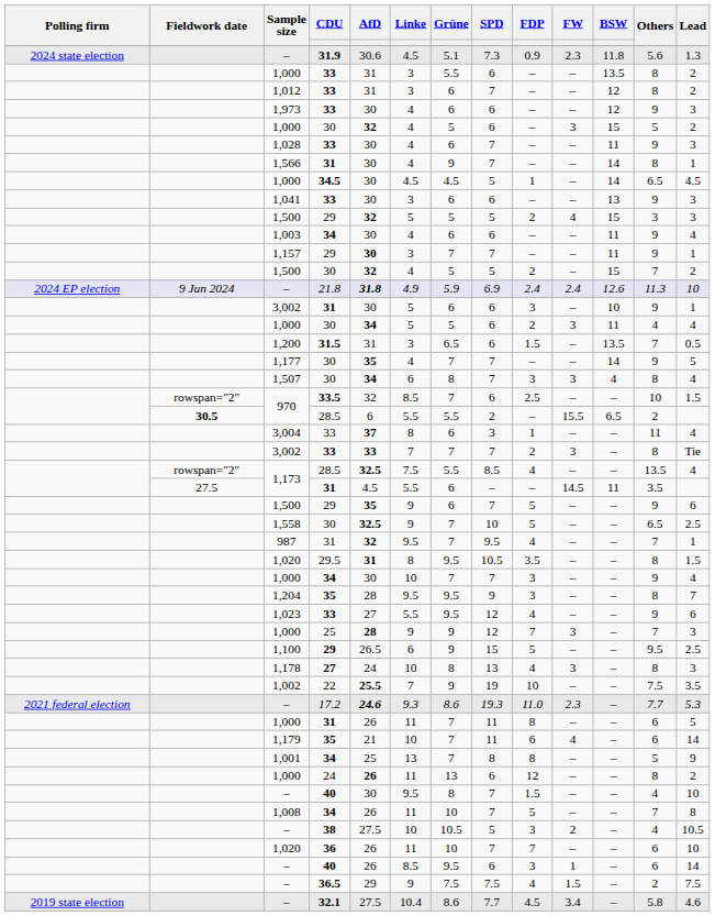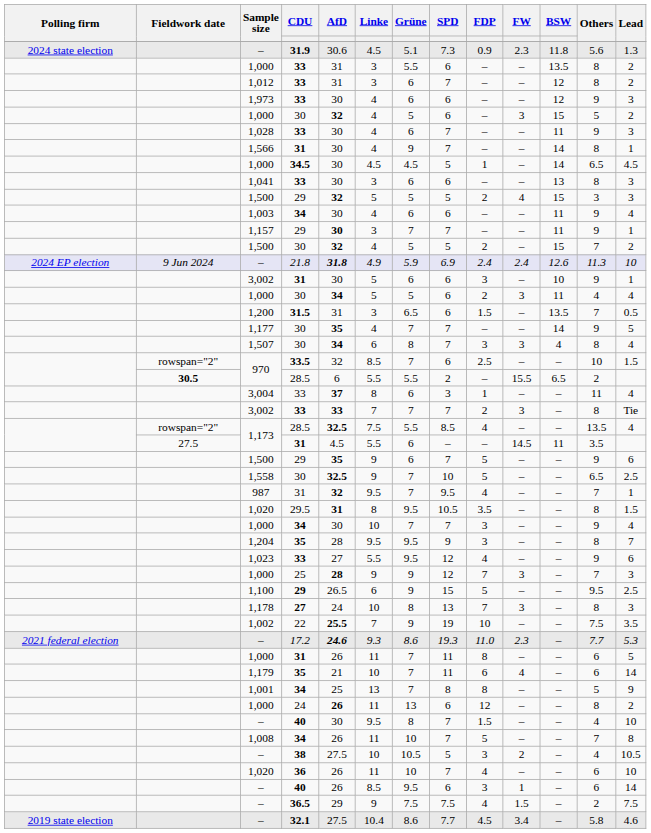 <table class="wikitable sortable" style="text-align:center;font-size:90%;line-height:14px;">
 <tr style="height:40px;">
 <th style="width:160px;" rowspan="2">Polling firm</th>
 <th style="width:125px;" rowspan="2">Fieldwork date</th>
 <th style="width:35px;" rowspan="2">Sample<br>size</th>
 <th class="unsortable" style="width:40px;"><a href='#'>CDU</a></th>
 <th class="unsortable" style="width:40px;"><a href='#'>AfD</a></th>
 <th class="unsortable" style="width:40px;"><a href='#'>Linke</a></th>
 <th class="unsortable" style="width:40px;"><a href='#'>Grüne</a></th>
 <th class="unsortable" style="width:40px;"><a href='#'>SPD</a></th>
 <th class="unsortable" style="width:40px;"><a href='#'>FDP</a></th>
 <th class="unsortable" style="width:40px;"><a href='#'>FW</a></th>
 <th class="unsortable" style="width:40px;"><a href='#'>BSW</a></th>
 <th class="unsortable" style="width:40px;" rowspan="2">Others</th>
 <th style="width:30px;" rowspan="2">Lead</th>
 </tr>
 <tr>
 <th style="background:"></th>
 <th style="background:"></th>
 <th style="background:"></th>
 <th style="background:"></th>
 <th style="background:"></th>
 <th style="background:"></th>
 <th style="background:"></th>
 <th style="background:"></th>
 </tr>
 <tr>
 </tr>
 <tr style="background:#E9E9E9;">
 <td><a href='#'>2024 state election</a></td>
 <td></td>
 <td>–</td>
 <td><strong>31.9</strong></td>
 <td>30.6</td>
 <td>4.5</td>
 <td>5.1</td>
 <td>7.3</td>
 <td>0.9</td>
 <td>2.3</td>
 <td>11.8</td>
 <td>5.6</td>
 <td style="background:">1.3</td>
 </tr>
 <tr>
 <td></td>
 <td></td>
 <td>1,000</td>
 <td><strong>33</strong></td>
 <td>31</td>
 <td>3</td>
 <td>5.5</td>
 <td>6</td>
 <td>–</td>
 <td>–</td>
 <td>13.5</td>
 <td>8</td>
 <td style="background:">2</td>
 </tr>
 <tr>
 <td></td>
 <td></td>
 <td>1,012</td>
 <td><strong>33</strong></td>
 <td>31</td>
 <td>3</td>
 <td>6</td>
 <td>7</td>
 <td>–</td>
 <td>–</td>
 <td>12</td>
 <td>8</td>
 <td style="background:">2</td>
 </tr>
 <tr>
 <td></td>
 <td></td>
 <td>1,973</td>
 <td><strong>33</strong></td>
 <td>30</td>
 <td>4</td>
 <td>6</td>
 <td>6</td>
 <td>–</td>
 <td>–</td>
 <td>12</td>
 <td>9</td>
 <td style="background:">3</td>
 </tr>
 <tr>
 <td></td>
 <td></td>
 <td>1,000</td>
 <td>30</td>
 <td><strong>32</strong></td>
 <td>4</td>
 <td>5</td>
 <td>6</td>
 <td>–</td>
 <td>3</td>
 <td>15</td>
 <td>5</td>
 <td style="background:">2</td>
 </tr>
 <tr>
 <td></td>
 <td></td>
 <td>1,028</td>
 <td><strong>33</strong></td>
 <td>30</td>
 <td>4</td>
 <td>6</td>
 <td>7</td>
 <td>–</td>
 <td>–</td>
 <td>11</td>
 <td>9</td>
 <td style="background:">3</td>
 </tr>
 <tr>
 <td></td>
 <td></td>
 <td>1,566</td>
 <td><strong>31</strong></td>
 <td>30</td>
 <td>4</td>
 <td>9</td>
 <td>7</td>
 <td>–</td>
 <td>–</td>
 <td>14</td>
 <td>8</td>
 <td style="background:">1</td>
 </tr>
 <tr>
 <td></td>
 <td></td>
 <td>1,000</td>
 <td><strong>34.5</strong></td>
 <td>30</td>
 <td>4.5</td>
 <td>4.5</td>
 <td>5</td>
 <td>1</td>
 <td>–</td>
 <td>14</td>
 <td>6.5</td>
 <td style="background:">4.5</td>
 </tr>
 <tr>
 <td></td>
 <td></td>
 <td>1,041</td>
 <td><strong>33</strong></td>
 <td>30</td>
 <td>3</td>
 <td>6</td>
 <td>6</td>
 <td>–</td>
 <td>–</td>
 <td>13</td>
-<td>9</td>
+<td>8</td>
 <td style="background:">3</td>
 </tr>
 <tr>
 <td></td>
 <td></td>
 <td>1,500</td>
 <td>29</td>
 <td><strong>32</strong></td>
 <td>5</td>
 <td>5</td>
 <td>5</td>
 <td>2</td>
 <td>4</td>
 <td>15</td>
 <td>3</td>
 <td style="background:">3</td>
 </tr>
 <tr>
 <td></td>
 <td></td>
 <td>1,003</td>
 <td><strong>34</strong></td>
 <td>30</td>
 <td>4</td>
 <td>6</td>
 <td>6</td>
 <td>–</td>
 <td>–</td>
 <td>11</td>
 <td>9</td>
 <td style="background:">4</td>
 </tr>
 <tr>
 <td></td>
 <td></td>
 <td>1,157</td>
 <td>29</td>
 <td><strong>30</strong></td>
 <td>3</td>
 <td>7</td>
 <td>7</td>
 <td>–</td>
 <td>–</td>
 <td>11</td>
 <td>9</td>
 <td style="background:">1</td>
 </tr>
 <tr>
 <td></td>
 <td></td>
 <td>1,500</td>
 <td>30</td>
 <td><strong>32</strong></td>
 <td>4</td>
 <td>5</td>
 <td>5</td>
 <td>2</td>
 <td>–</td>
 <td>15</td>
 <td>7</td>
 <td style="background:">2</td>
 </tr>
 <tr style="background:#E5E5F5;font-style:italic;">
 <td><a href='#'>2024 EP election</a></td>
 <td data-sort-value="2024-06-09">9 Jun 2024</td>
 <td>–</td>
 <td>21.8</td>
 <td><strong>31.8</strong></td>
 <td>4.9</td>
 <td>5.9</td>
 <td>6.9</td>
 <td>2.4</td>
 <td>2.4</td>
 <td>12.6</td>
 <td>11.3</td>
 <td style="background:">10</td>
 </tr>
 <tr>
 <td></td>
 <td></td>
 <td>3,002</td>
 <td><strong>31</strong></td>
 <td>30</td>
 <td>5</td>
 <td>6</td>
 <td>6</td>
 <td>3</td>
 <td>–</td>
 <td>10</td>
 <td>9</td>
 <td style="background:">1</td>
 </tr>
 <tr>
 <td></td>
 <td></td>
 <td>1,000</td>
 <td>30</td>
 <td><strong>34</strong></td>
 <td>5</td>
 <td>5</td>
 <td>6</td>
 <td>2</td>
 <td>3</td>
 <td>11</td>
 <td>4</td>
 <td style="background:">4</td>
 </tr>
 <tr>
 <td></td>
 <td></td>
 <td>1,200</td>
 <td><strong>31.5</strong></td>
 <td>31</td>
 <td>3</td>
 <td>6.5</td>
 <td>6</td>
 <td>1.5</td>
 <td>–</td>
 <td>13.5</td>
 <td>7</td>
 <td style="background:">0.5</td>
 </tr>
 <tr>
 <td></td>
 <td></td>
 <td>1,177</td>
 <td>30</td>
 <td><strong>35</strong></td>
 <td>4</td>
 <td>7</td>
 <td>7</td>
 <td>–</td>
 <td>–</td>
 <td>14</td>
 <td>9</td>
 <td style="background:">5</td>
 </tr>
 <tr>
 <td></td>
 <td></td>
 <td>1,507</td>
 <td>30</td>
 <td><strong>34</strong></td>
 <td>6</td>
 <td>8</td>
 <td>7</td>
 <td>3</td>
 <td>3</td>
 <td>4</td>
 <td>8</td>
 <td style="background:">4</td>
 </tr>
 <tr>
 <td rowspan="2"></td>
 <td>rowspan="2" </td>
 <td rowspan="2">970</td>
 <td><strong>33.5</strong></td>
 <td>32</td>
 <td>8.5</td>
 <td>7</td>
 <td>6</td>
 <td>2.5</td>
 <td>–</td>
 <td>–</td>
 <td>10</td>
 <td style="background:">1.5</td>
 </tr>
 <tr>
 <td><strong>30.5</strong></td>
 <td>28.5</td>
 <td>6</td>
 <td>5.5</td>
 <td>5.5</td>
 <td>2</td>
 <td>–</td>
 <td>15.5</td>
 <td>6.5</td>
 <td style="background:">2</td>
 </tr>
 <tr>
 <td></td>
 <td></td>
 <td>3,004</td>
 <td>33</td>
 <td><strong>37</strong></td>
 <td>8</td>
 <td>6</td>
 <td>3</td>
 <td>1</td>
 <td>–</td>
 <td>–</td>
 <td>11</td>
 <td style="background:">4</td>
 </tr>
 <tr>
 <td></td>
 <td></td>
 <td>3,002</td>
 <td><strong>33</strong></td>
 <td><strong>33</strong></td>
 <td>7</td>
 <td>7</td>
 <td>7</td>
 <td>2</td>
 <td>3</td>
 <td>–</td>
 <td>8</td>
 <td data-sort-value="0">Tie</td>
 </tr>
 <tr>
 <td rowspan="2"></td>
 <td>rowspan="2" </td>
 <td rowspan="2">1,173</td>
 <td>28.5</td>
 <td><strong>32.5</strong></td>
 <td>7.5</td>
 <td>5.5</td>
 <td>8.5</td>
 <td>4</td>
 <td>–</td>
 <td>–</td>
 <td>13.5</td>
 <td style="background:">4</td>
 </tr>
 <tr>
 <td>27.5</td>
 <td><strong>31</strong></td>
 <td>4.5</td>
 <td>5.5</td>
 <td>6</td>
 <td>–</td>
 <td>–</td>
 <td>14.5</td>
 <td>11</td>
 <td style="background:">3.5</td>
 </tr>
 <tr>
 <td></td>
 <td></td>
 <td>1,500</td>
 <td>29</td>
 <td><strong>35</strong></td>
 <td>9</td>
 <td>6</td>
 <td>7</td>
 <td>5</td>
 <td>–</td>
 <td>–</td>
 <td>9</td>
 <td style="background:">6</td>
 </tr>
 <tr>
 <td></td>
 <td></td>
 <td>1,558</td>
 <td>30</td>
 <td><strong>32.5</strong></td>
 <td>9</td>
 <td>7</td>
 <td>10</td>
 <td>5</td>
 <td>–</td>
 <td>–</td>
 <td>6.5</td>
 <td style="background:">2.5</td>
 </tr>
 <tr>
 <td></td>
 <td></td>
 <td>987</td>
 <td>31</td>
 <td><strong>32</strong></td>
 <td>9.5</td>
 <td>7</td>
 <td>9.5</td>
 <td>4</td>
 <td>–</td>
 <td>–</td>
 <td>7</td>
 <td style="background:">1</td>
 </tr>
 <tr>
 <td></td>
 <td></td>
 <td>1,020</td>
 <td>29.5</td>
 <td><strong>31</strong></td>
 <td>8</td>
 <td>9.5</td>
 <td>10.5</td>
 <td>3.5</td>
 <td>–</td>
 <td>–</td>
 <td>8</td>
 <td style="background:">1.5</td>
 </tr>
 <tr>
 <td></td>
 <td></td>
 <td>1,000</td>
 <td><strong>34</strong></td>
 <td>30</td>
 <td>10</td>
 <td>7</td>
 <td>7</td>
 <td>3</td>
 <td>–</td>
 <td>–</td>
 <td>9</td>
 <td style="background:">4</td>
 </tr>
 <tr>
 <td></td>
 <td></td>
 <td>1,204</td>
 <td><strong>35</strong></td>
 <td>28</td>
 <td>9.5</td>
 <td>9.5</td>
 <td>9</td>
 <td>3</td>
 <td>–</td>
 <td>–</td>
 <td>8</td>
 <td style="background:">7</td>
 </tr>
 <tr>
 <td></td>
 <td></td>
 <td>1,023</td>
 <td><strong>33</strong></td>
 <td>27</td>
 <td>5.5</td>
 <td>9.5</td>
 <td>12</td>
 <td>4</td>
 <td>–</td>
 <td>–</td>
 <td>9</td>
 <td style="background:">6</td>
 </tr>
 <tr>
 <td></td>
 <td></td>
 <td>1,000</td>
 <td>25</td>
 <td><strong>28</strong></td>
 <td>9</td>
 <td>9</td>
 <td>12</td>
 <td>7</td>
 <td>3</td>
 <td>–</td>
 <td>7</td>
 <td style="background:">3</td>
 </tr>
 <tr>
 <td></td>
 <td></td>
 <td>1,100</td>
 <td><strong>29</strong></td>
 <td>26.5</td>
 <td>6</td>
 <td>9</td>
 <td>15</td>
 <td>5</td>
 <td>–</td>
 <td>–</td>
 <td>9.5</td>
 <td style="background:">2.5</td>
 </tr>
 <tr>
 <td></td>
 <td></td>
 <td>1,178</td>
 <td><strong>27</strong></td>
 <td>24</td>
 <td>10</td>
 <td>8</td>
 <td>13</td>
-<td>4</td>
+<td>7</td>
 <td>3</td>
 <td>–</td>
 <td>8</td>
 <td style="background:">3</td>
 </tr>
 <tr>
 <td></td>
 <td></td>
 <td>1,002</td>
 <td>22</td>
 <td><strong>25.5</strong></td>
 <td>7</td>
 <td>9</td>
 <td>19</td>
 <td>10</td>
 <td>–</td>
 <td>–</td>
 <td>7.5</td>
 <td style="background:">3.5</td>
 </tr>
 <tr style="background:#E9E9E9;font-style:italic;">
 <td><a href='#'>2021 federal election</a></td>
 <td></td>
 <td>–</td>
 <td>17.2</td>
 <td><strong>24.6</strong></td>
 <td>9.3</td>
 <td>8.6</td>
 <td>19.3</td>
 <td>11.0</td>
 <td>2.3</td>
 <td>–</td>
 <td>7.7</td>
 <td style="background:">5.3</td>
 </tr>
 <tr>
 <td></td>
 <td></td>
 <td>1,000</td>
 <td><strong>31</strong></td>
 <td>26</td>
 <td>11</td>
 <td>7</td>
 <td>11</td>
 <td>8</td>
 <td>–</td>
 <td>–</td>
 <td>6</td>
 <td style="background:">5</td>
 </tr>
 <tr>
 <td></td>
 <td></td>
 <td>1,179</td>
 <td><strong>35</strong></td>
 <td>21</td>
 <td>10</td>
 <td>7</td>
 <td>11</td>
 <td>6</td>
 <td>4</td>
 <td>–</td>
 <td>6</td>
 <td style="background:">14</td>
 </tr>
 <tr>
 <td></td>
 <td></td>
 <td>1,001</td>
 <td><strong>34</strong></td>
 <td>25</td>
 <td>13</td>
 <td>7</td>
 <td>8</td>
 <td>8</td>
 <td>–</td>
 <td>–</td>
 <td>5</td>
 <td style="background:">9</td>
 </tr>
 <tr>
 <td></td>
 <td></td>
 <td>1,000</td>
 <td>24</td>
 <td><strong>26</strong></td>
 <td>11</td>
 <td>13</td>
 <td>6</td>
 <td>12</td>
 <td>–</td>
 <td>–</td>
 <td>8</td>
 <td style="background:">2</td>
 </tr>
 <tr>
 <td></td>
 <td></td>
 <td>–</td>
 <td><strong>40</strong></td>
 <td>30</td>
 <td>9.5</td>
 <td>8</td>
 <td>7</td>
 <td>1.5</td>
 <td>–</td>
 <td>–</td>
 <td>4</td>
 <td style="background:">10</td>
 </tr>
 <tr>
 <td></td>
 <td></td>
 <td>1,008</td>
 <td><strong>34</strong></td>
 <td>26</td>
 <td>11</td>
 <td>10</td>
 <td>7</td>
 <td>5</td>
 <td>–</td>
 <td>–</td>
 <td>7</td>
 <td style="background:">8</td>
 </tr>
 <tr>
 <td></td>
 <td></td>
 <td>–</td>
 <td><strong>38</strong></td>
 <td>27.5</td>
 <td>10</td>
 <td>10.5</td>
 <td>5</td>
 <td>3</td>
 <td>2</td>
 <td>–</td>
 <td>4</td>
 <td style="background:">10.5</td>
 </tr>
 <tr>
 <td></td>
 <td></td>
 <td>1,020</td>
 <td><strong>36</strong></td>
 <td>26</td>
 <td>11</td>
 <td>10</td>
 <td>7</td>
-<td>7</td>
+<td>4</td>
 <td>–</td>
 <td>–</td>
 <td>6</td>
 <td style="background:">10</td>
 </tr>
 <tr>
 <td></td>
 <td></td>
 <td>–</td>
 <td><strong>40</strong></td>
 <td>26</td>
 <td>8.5</td>
 <td>9.5</td>
 <td>6</td>
 <td>3</td>
 <td>1</td>
 <td>–</td>
 <td>6</td>
 <td style="background:">14</td>
 </tr>
 <tr>
 <td></td>
 <td></td>
 <td>–</td>
 <td><strong>36.5</strong></td>
 <td>29</td>
 <td>9</td>
 <td>7.5</td>
 <td>7.5</td>
 <td>4</td>
 <td>1.5</td>
 <td>–</td>
 <td>2</td>
 <td style="background:">7.5</td>
 </tr>
 <tr style="background:#E9E9E9;">
 <td><a href='#'>2019 state election</a></td>
 <td></td>
 <td>–</td>
 <td><strong>32.1</strong></td>
 <td>27.5</td>
 <td>10.4</td>
 <td>8.6</td>
 <td>7.7</td>
 <td>4.5</td>
 <td>3.4</td>
 <td>–</td>
 <td>5.8</td>
 <td style="background:">4.6</td>
 </tr>
 </table>
